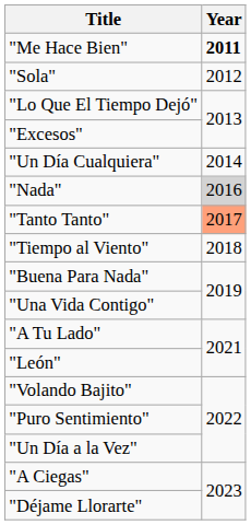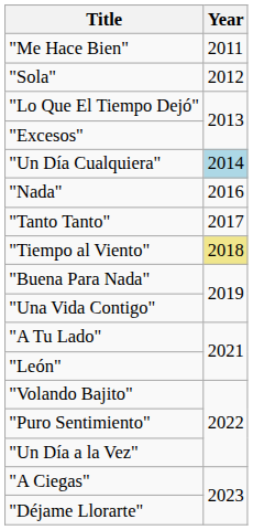 <table class="wikitable">
 <tr>
 <th>Title</th>
 <th>Year</th>
 </tr>
 <tr>
 <td>"Me Hace Bien"</td>
-<td><strong>2011</strong></td>
+<td>2011</td>
 </tr>
 <tr>
 <td>"Sola"</td>
 <td>2012</td>
 </tr>
 <tr>
 <td>"Lo Que El Tiempo Dejó"</td>
 <td rowspan="2">2013</td>
 </tr>
 <tr>
 <td>"Excesos"</td>
 </tr>
 <tr>
 <td>"Un Día Cualquiera"</td>
-<td>2014</td>
+<td style="background: lightblue;">2014</td>
 </tr>
 <tr>
 <td>"Nada"</td>
-<td style="background: lightgrey;">2016</td>
+<td>2016</td>
 </tr>
 <tr>
 <td>"Tanto Tanto"</td>
-<td style="background: lightsalmon;">2017</td>
+<td>2017</td>
 </tr>
 <tr>
 <td>"Tiempo al Viento"</td>
-<td>2018</td>
+<td style="background: khaki;">2018</td>
 </tr>
 <tr>
 <td>"Buena Para Nada"</td>
 <td rowspan=2>2019</td>
 </tr>
 <tr>
 <td>"Una Vida Contigo"</td>
 </tr>
 <tr>
 <td>"A Tu Lado"</td>
 <td rowspan=2>2021</td>
 </tr>
 <tr>
 <td>"León"</td>
 </tr>
 <tr>
 <td>"Volando Bajito"</td>
 <td rowspan=3>2022</td>
 </tr>
 <tr>
 <td>"Puro Sentimiento"</td>
 </tr>
 <tr>
 <td>"Un Día a la Vez"</td>
 </tr>
 <tr>
 <td>"A Ciegas"</td>
 <td rowspan=2>2023</td>
 </tr>
 <tr>
 <td>"Déjame Llorarte"</td>
 </tr>
 </table>
